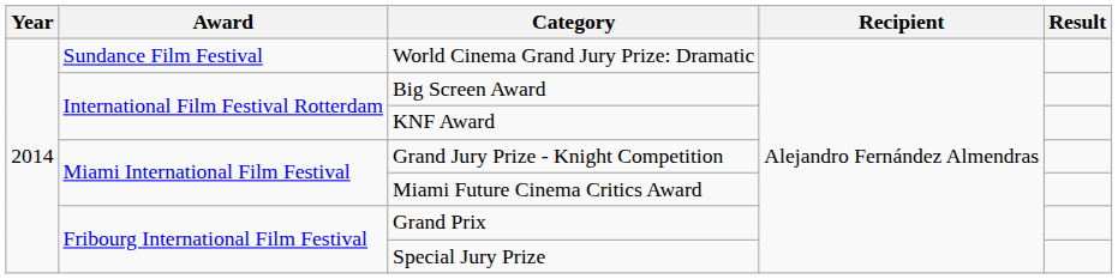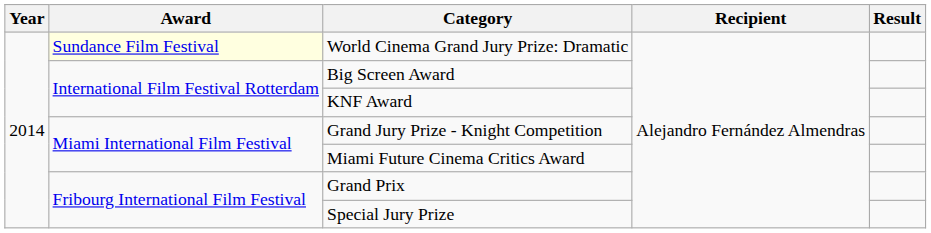 <table class="wikitable sortable" style="margin:1em auto;">
 <tr>
 <th>Year</th>
 <th>Award</th>
 <th>Category</th>
 <th>Recipient</th>
 <th>Result</th>
 </tr>
 <tr>
 <td rowspan="7">2014</td>
-<td><a href='#'>Sundance Film Festival</a></td>
+<td style="background: lightyellow;"><a href='#'>Sundance Film Festival</a></td>
 <td>World Cinema Grand Jury Prize: Dramatic</td>
 <td rowspan="7">Alejandro Fernández Almendras</td>
 <td></td>
 </tr>
 <tr>
 <td rowspan="2"><a href='#'>International Film Festival Rotterdam</a></td>
 <td>Big Screen Award</td>
 <td></td>
 </tr>
 <tr>
 <td>KNF Award</td>
 <td></td>
 </tr>
 <tr>
 <td rowspan="2"><a href='#'>Miami International Film Festival</a></td>
 <td>Grand Jury Prize - Knight Competition</td>
 <td></td>
 </tr>
 <tr>
 <td>Miami Future Cinema Critics Award</td>
 <td></td>
 </tr>
 <tr>
 <td rowspan="2"><a href='#'>Fribourg International Film Festival</a></td>
 <td>Grand Prix</td>
 <td></td>
 </tr>
 <tr>
 <td>Special Jury Prize</td>
 <td></td>
 </tr>
 </table>
